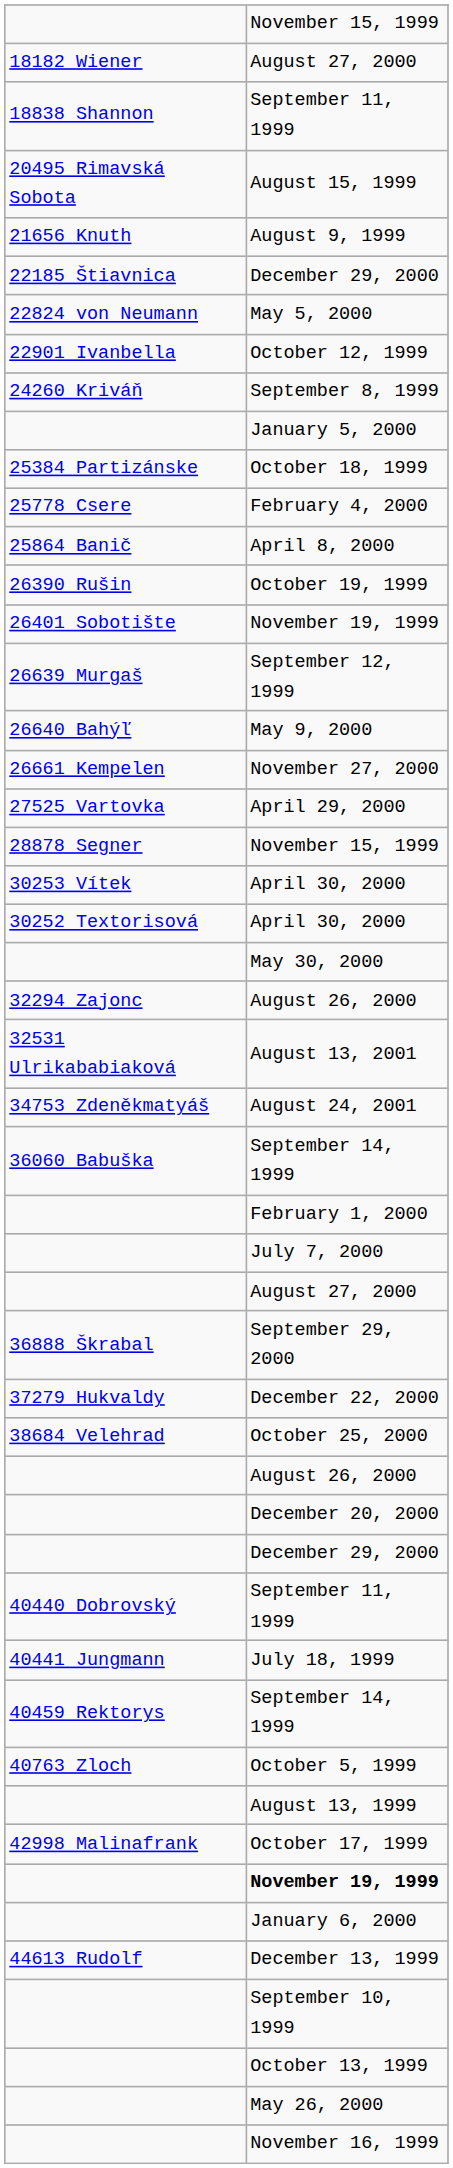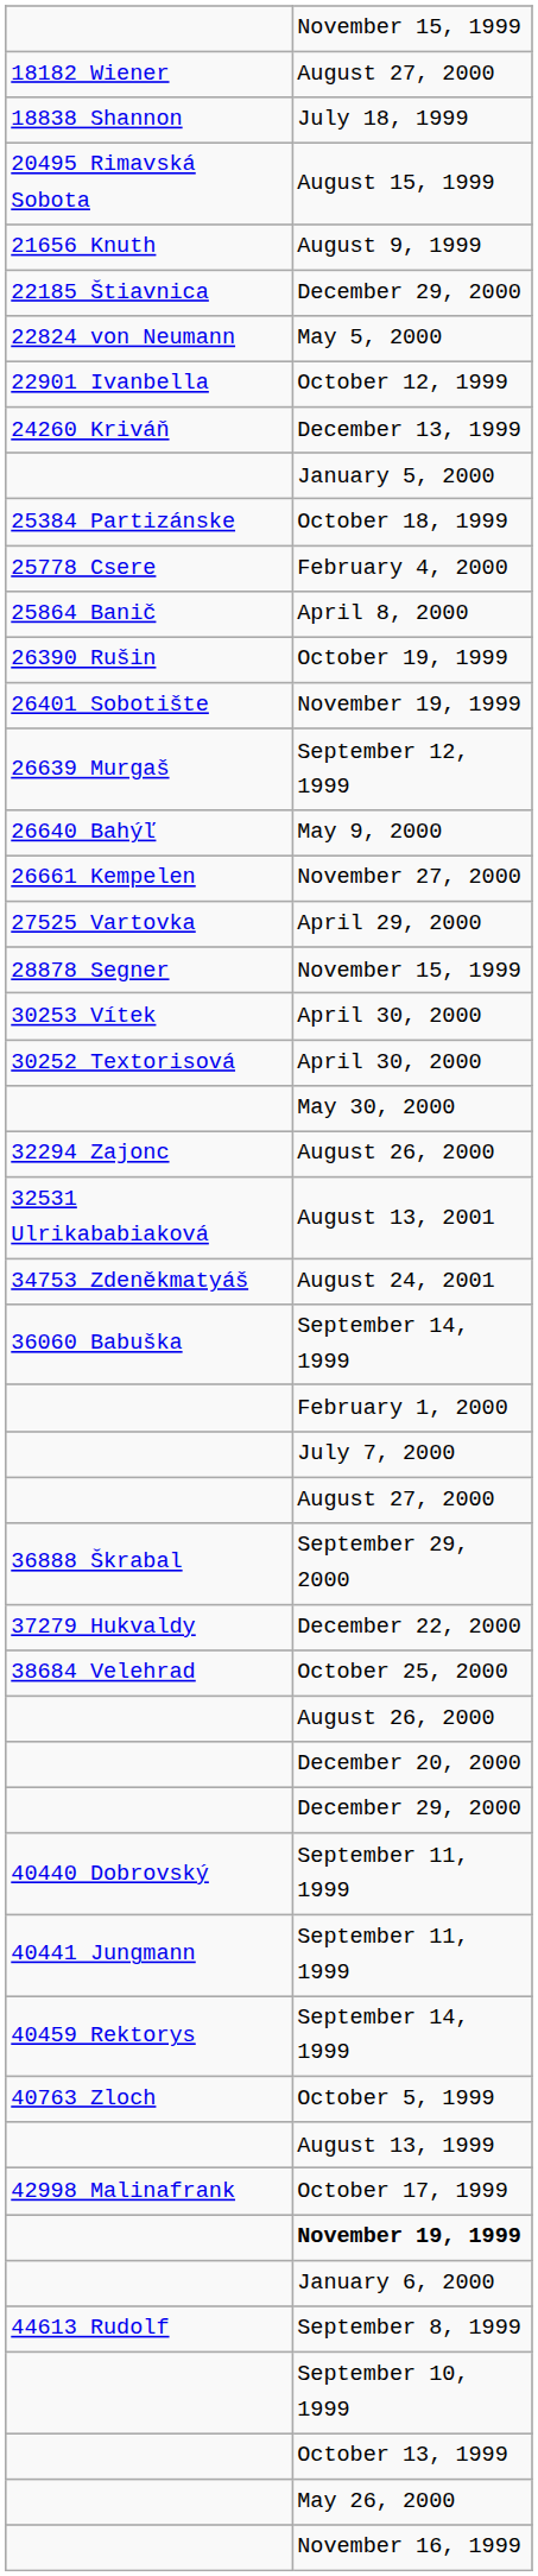 <table class="wikitable" style="font-size: 89%; float: left; width: 24em; margin-right: 1em; line-height: 1.6em !important; height: 1250px;">
 <tr>
 <td> </td>
 <td>November 15, 1999</td>
 </tr>
 <tr>
 <td><a href='#'>18182 Wiener</a> </td>
 <td>August 27, 2000</td>
 </tr>
 <tr>
 <td><a href='#'>18838 Shannon</a> </td>
-<td>September 11, 1999</td>
+<td>July 18, 1999</td>
 </tr>
 <tr>
 <td><a href='#'>20495 Rimavská Sobota</a> </td>
 <td>August 15, 1999</td>
 </tr>
 <tr>
 <td><a href='#'>21656 Knuth</a> </td>
 <td>August 9, 1999</td>
 </tr>
 <tr>
 <td><a href='#'>22185 Štiavnica</a> </td>
 <td>December 29, 2000</td>
 </tr>
 <tr>
 <td><a href='#'>22824 von Neumann</a> </td>
 <td>May 5, 2000</td>
 </tr>
 <tr>
 <td><a href='#'>22901 Ivanbella</a> </td>
 <td>October 12, 1999</td>
 </tr>
 <tr>
 <td><a href='#'>24260 Kriváň</a></td>
-<td>September 8, 1999</td>
+<td>December 13, 1999</td>
 </tr>
 <tr>
 <td> </td>
 <td>January 5, 2000</td>
 </tr>
 <tr>
 <td><a href='#'>25384 Partizánske</a></td>
 <td>October 18, 1999</td>
 </tr>
 <tr>
 <td><a href='#'>25778 Csere</a></td>
 <td>February 4, 2000</td>
 </tr>
 <tr>
 <td><a href='#'>25864 Banič</a></td>
 <td>April 8, 2000</td>
 </tr>
 <tr>
 <td><a href='#'>26390 Rušin</a></td>
 <td>October 19, 1999</td>
 </tr>
 <tr>
 <td><a href='#'>26401 Sobotište</a></td>
 <td>November 19, 1999</td>
 </tr>
 <tr>
 <td><a href='#'>26639 Murgaš</a></td>
 <td>September 12, 1999</td>
 </tr>
 <tr>
 <td><a href='#'>26640 Bahýľ</a></td>
 <td>May 9, 2000</td>
 </tr>
 <tr>
 <td><a href='#'>26661 Kempelen</a></td>
 <td>November 27, 2000</td>
 </tr>
 <tr>
 <td><a href='#'>27525 Vartovka</a> </td>
 <td>April 29, 2000</td>
 </tr>
 <tr>
 <td><a href='#'>28878 Segner</a></td>
 <td>November 15, 1999</td>
 </tr>
 <tr>
 <td><a href='#'>30253 Vítek</a> </td>
 <td>April 30, 2000</td>
 </tr>
 <tr>
 <td><a href='#'>30252 Textorisová</a></td>
 <td>April 30, 2000</td>
 </tr>
 <tr>
 <td></td>
 <td>May 30, 2000</td>
 </tr>
 <tr>
 <td><a href='#'>32294 Zajonc</a> </td>
 <td>August 26, 2000</td>
 </tr>
 <tr>
 <td><a href='#'>32531 Ulrikababiaková</a></td>
 <td>August 13, 2001</td>
 </tr>
 <tr>
 <td><a href='#'>34753 Zdeněkmatyáš</a> </td>
 <td>August 24, 2001</td>
 </tr>
 <tr>
 <td><a href='#'>36060 Babuška</a> </td>
 <td>September 14, 1999</td>
 </tr>
 <tr>
 <td></td>
 <td>February 1, 2000</td>
 </tr>
 <tr>
 <td></td>
 <td>July 7, 2000</td>
 </tr>
 <tr>
 <td> </td>
 <td>August 27, 2000</td>
 </tr>
 <tr>
 <td><a href='#'>36888 Škrabal</a> </td>
 <td>September 29, 2000</td>
 </tr>
 <tr>
 <td><a href='#'>37279 Hukvaldy</a> </td>
 <td>December 22, 2000</td>
 </tr>
 <tr>
 <td><a href='#'>38684 Velehrad</a> </td>
 <td>October 25, 2000</td>
 </tr>
 <tr>
 <td> </td>
 <td>August 26, 2000</td>
 </tr>
 <tr>
 <td> </td>
 <td>December 20, 2000</td>
 </tr>
 <tr>
 <td></td>
 <td>December 29, 2000</td>
 </tr>
 <tr>
 <td><a href='#'>40440 Dobrovský</a> </td>
 <td>September 11, 1999</td>
 </tr>
 <tr>
 <td><a href='#'>40441 Jungmann</a> </td>
-<td>July 18, 1999</td>
+<td>September 11, 1999</td>
 </tr>
 <tr>
 <td><a href='#'>40459 Rektorys</a> </td>
 <td>September 14, 1999</td>
 </tr>
 <tr>
 <td><a href='#'>40763 Zloch</a></td>
 <td>October 5, 1999</td>
 </tr>
 <tr>
 <td> </td>
 <td>August 13, 1999</td>
 </tr>
 <tr>
 <td><a href='#'>42998 Malinafrank</a> </td>
 <td>October 17, 1999</td>
 </tr>
 <tr>
 <td></td>
 <td><strong>November 19, 1999</strong></td>
 </tr>
 <tr>
 <td></td>
 <td>January 6, 2000</td>
 </tr>
 <tr>
 <td><a href='#'>44613 Rudolf</a> </td>
-<td>December 13, 1999</td>
+<td>September 8, 1999</td>
 </tr>
 <tr>
 <td> </td>
 <td>September 10, 1999</td>
 </tr>
 <tr>
 <td> </td>
 <td>October 13, 1999</td>
 </tr>
 <tr>
 <td></td>
 <td>May 26, 2000</td>
 </tr>
 <tr>
 <td></td>
 <td>November 16, 1999</td>
 </tr>
 </table>
